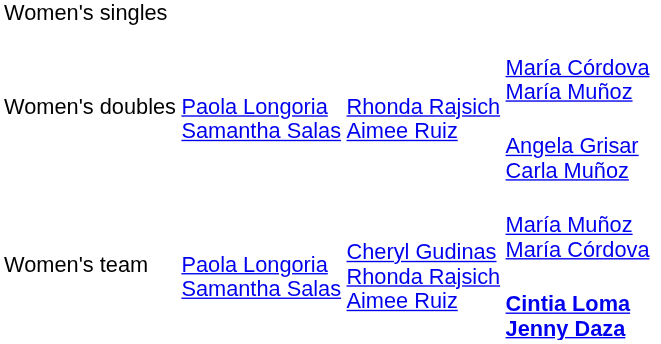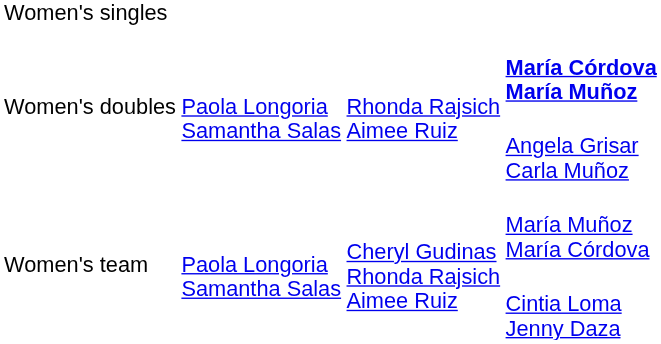 <table>
 <tr>
 <td rowspan=2>Women's singles <br></td>
 <td rowspan=2></td>
 <td rowspan=2></td>
 <td></td>
 </tr>
 <tr>
 <td></td>
 </tr>
 <tr>
 <td rowspan=2>Women's doubles <br></td>
 <td rowspan=2><br><a href='#'>Paola Longoria</a><br><a href='#'>Samantha Salas</a></td>
 <td rowspan=2><br><a href='#'>Rhonda Rajsich</a><br><a href='#'>Aimee Ruiz</a></td>
-<td><br><a href='#'>María Córdova</a><br><a href='#'>María Muñoz</a></td>
+<td><strong><br><a href='#'>María Córdova</a><br><a href='#'>María Muñoz</a></strong></td>
 </tr>
 <tr>
 <td><br><a href='#'>Angela Grisar</a><br><a href='#'>Carla Muñoz</a></td>
 </tr>
 <tr>
 <td rowspan=2>Women's team <br></td>
 <td rowspan=2><br><a href='#'>Paola Longoria</a><br><a href='#'>Samantha Salas</a></td>
 <td rowspan=2><br><a href='#'>Cheryl Gudinas</a><br><a href='#'>Rhonda Rajsich</a><br><a href='#'>Aimee Ruiz</a></td>
 <td><br><a href='#'>María Muñoz</a><br><a href='#'>María Córdova</a></td>
 </tr>
 <tr>
-<td><strong><br><a href='#'>Cintia Loma</a><br><a href='#'>Jenny Daza</a></strong></td>
+<td><br><a href='#'>Cintia Loma</a><br><a href='#'>Jenny Daza</a></td>
 </tr>
 </table>
